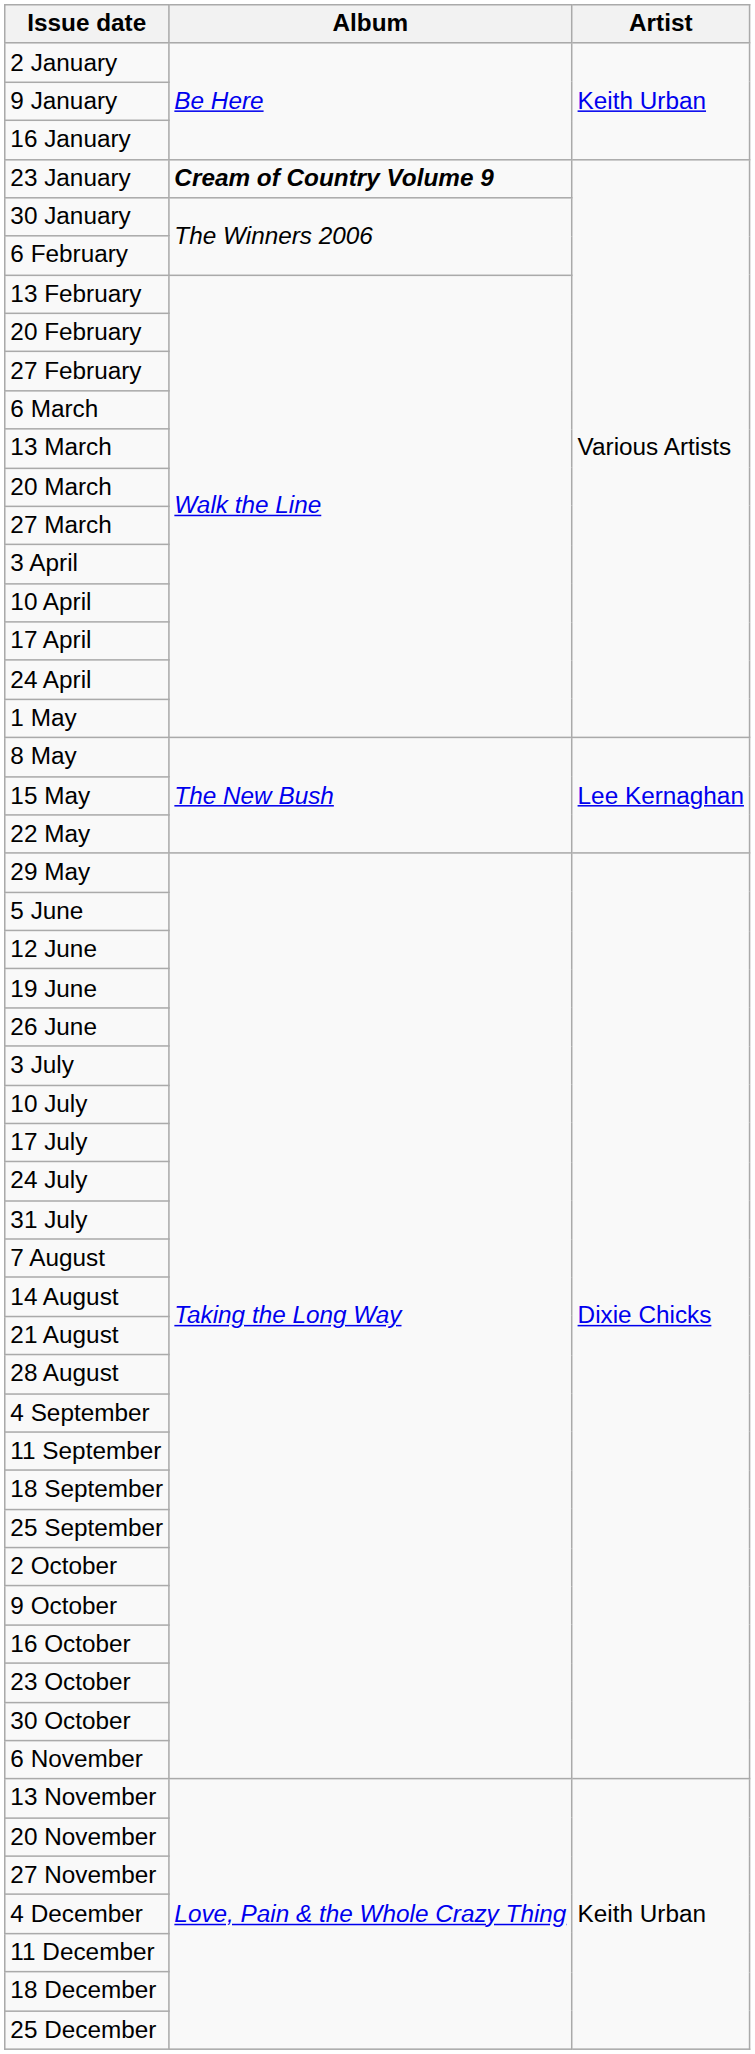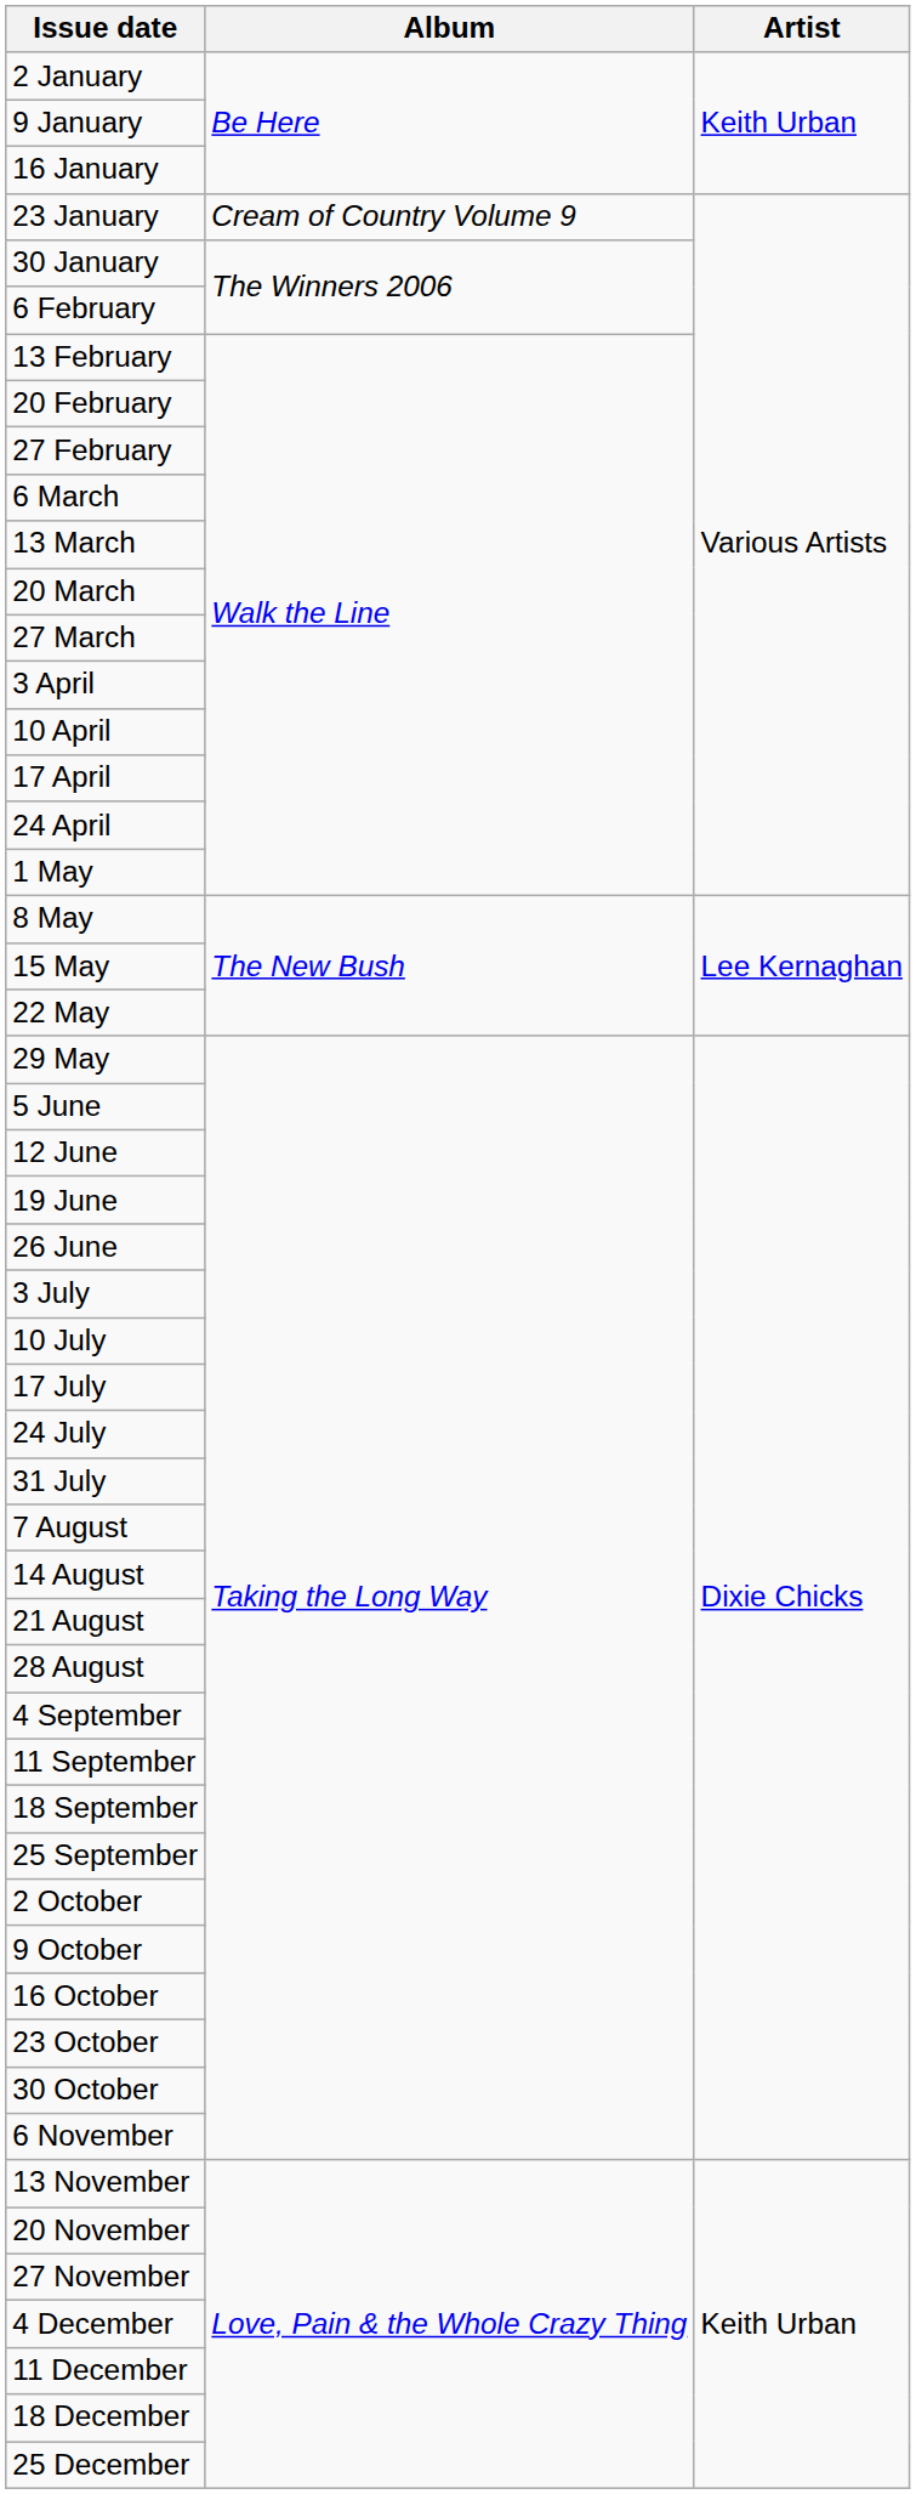 <table class=wikitable>
 <tr>
 <th>Issue date</th>
 <th>Album</th>
 <th>Artist</th>
 </tr>
 <tr>
 <td>2 January</td>
 <td rowspan="3"><em><a href='#'>Be Here</a></em></td>
 <td rowspan="3"><a href='#'>Keith Urban</a></td>
 </tr>
 <tr>
 <td>9 January</td>
 </tr>
 <tr>
 <td>16 January</td>
 </tr>
 <tr>
 <td>23 January</td>
-<td><strong><em>Cream of Country Volume 9</em></strong></td>
+<td><em>Cream of Country Volume 9</em></td>
 <td rowspan="15">Various Artists</td>
 </tr>
 <tr>
 <td>30 January</td>
 <td rowspan="2"><em>The Winners 2006</em></td>
 </tr>
 <tr>
 <td>6 February</td>
 </tr>
 <tr>
 <td>13 February</td>
 <td rowspan="12"><em><a href='#'>Walk the Line</a></em></td>
 </tr>
 <tr>
 <td>20 February</td>
 </tr>
 <tr>
 <td>27 February</td>
 </tr>
 <tr>
 <td>6 March</td>
 </tr>
 <tr>
 <td>13 March</td>
 </tr>
 <tr>
 <td>20 March</td>
 </tr>
 <tr>
 <td>27 March</td>
 </tr>
 <tr>
 <td>3 April</td>
 </tr>
 <tr>
 <td>10 April</td>
 </tr>
 <tr>
 <td>17 April</td>
 </tr>
 <tr>
 <td>24 April</td>
 </tr>
 <tr>
 <td>1 May</td>
 </tr>
 <tr>
 <td>8 May</td>
 <td rowspan="3"><em><a href='#'>The New Bush</a></em></td>
 <td rowspan="3"><a href='#'>Lee Kernaghan</a></td>
 </tr>
 <tr>
 <td>15 May</td>
 </tr>
 <tr>
 <td>22 May</td>
 </tr>
 <tr>
 <td>29 May</td>
 <td rowspan="24"><em><a href='#'>Taking the Long Way</a></em></td>
 <td rowspan="24"><a href='#'>Dixie Chicks</a></td>
 </tr>
 <tr>
 <td>5 June</td>
 </tr>
 <tr>
 <td>12 June</td>
 </tr>
 <tr>
 <td>19 June</td>
 </tr>
 <tr>
 <td>26 June</td>
 </tr>
 <tr>
 <td>3 July</td>
 </tr>
 <tr>
 <td>10 July</td>
 </tr>
 <tr>
 <td>17 July</td>
 </tr>
 <tr>
 <td>24 July</td>
 </tr>
 <tr>
 <td>31 July</td>
 </tr>
 <tr>
 <td>7 August</td>
 </tr>
 <tr>
 <td>14 August</td>
 </tr>
 <tr>
 <td>21 August</td>
 </tr>
 <tr>
 <td>28 August</td>
 </tr>
 <tr>
 <td>4 September</td>
 </tr>
 <tr>
 <td>11 September</td>
 </tr>
 <tr>
 <td>18 September</td>
 </tr>
 <tr>
 <td>25 September</td>
 </tr>
 <tr>
 <td>2 October</td>
 </tr>
 <tr>
 <td>9 October</td>
 </tr>
 <tr>
 <td>16 October</td>
 </tr>
 <tr>
 <td>23 October</td>
 </tr>
 <tr>
 <td>30 October</td>
 </tr>
 <tr>
 <td>6 November</td>
 </tr>
 <tr>
 <td>13 November</td>
 <td rowspan="7"><em><a href='#'>Love, Pain & the Whole Crazy Thing</a></em></td>
 <td rowspan="7">Keith Urban</td>
 </tr>
 <tr>
 <td>20 November</td>
 </tr>
 <tr>
 <td>27 November</td>
 </tr>
 <tr>
 <td>4 December</td>
 </tr>
 <tr>
 <td>11 December</td>
 </tr>
 <tr>
 <td>18 December</td>
 </tr>
 <tr>
 <td>25 December</td>
 </tr>
 </table>
